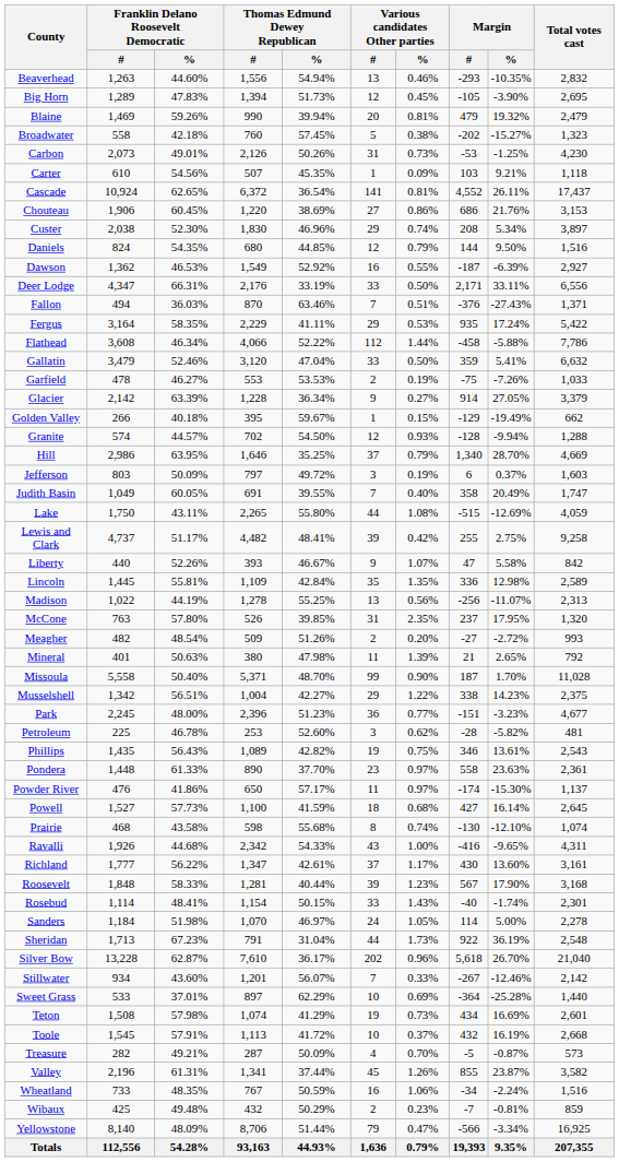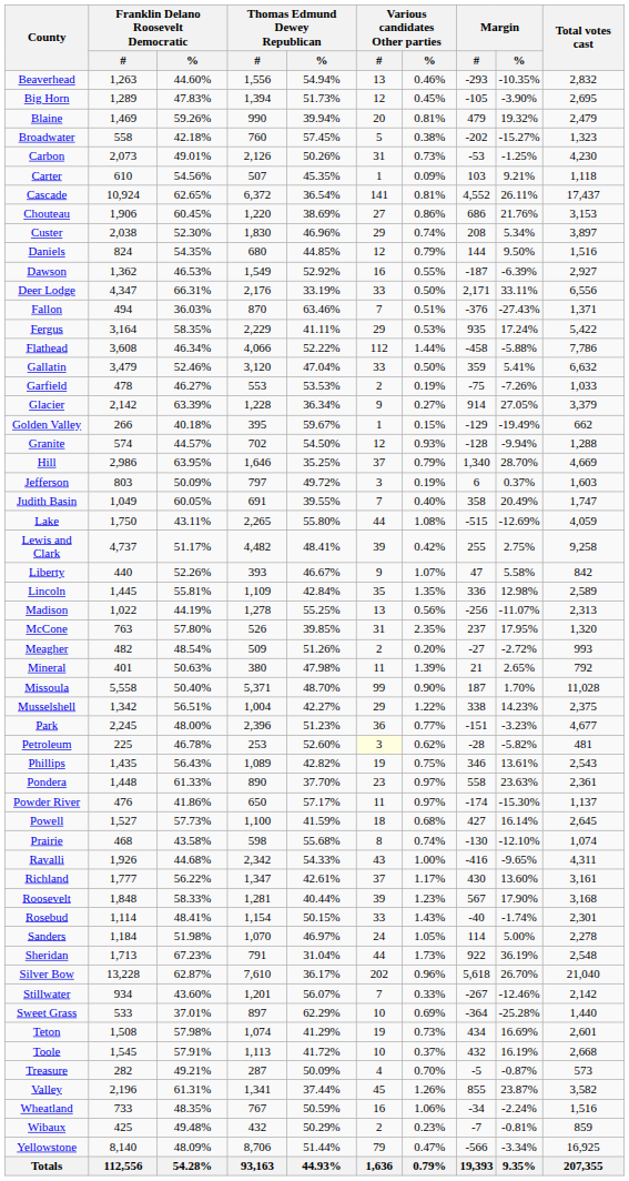 <table width="65%"  class="wikitable sortable" style="text-align:center">
 <tr>
 <th style="text-align:center;" rowspan="2">County</th>
 <th style="text-align:center;" colspan="2">Franklin Delano Roosevelt<br>Democratic</th>
 <th style="text-align:center;" colspan="2">Thomas Edmund Dewey <br>Republican</th>
 <th style="text-align:center;" colspan="2">Various candidates<br>Other parties</th>
 <th style="text-align:center;" colspan="2">Margin</th>
 <th style="text-align:center;" rowspan="2">Total votes cast</th>
 </tr>
 <tr>
 <th style="text-align:center;" data-sort-type="number">#</th>
 <th style="text-align:center;" data-sort-type="number">%</th>
 <th style="text-align:center;" data-sort-type="number">#</th>
 <th style="text-align:center;" data-sort-type="number">%</th>
 <th style="text-align:center;" data-sort-type="number">#</th>
 <th style="text-align:center;" data-sort-type="number">%</th>
 <th style="text-align:center;" data-sort-type="number">#</th>
 <th style="text-align:center;" data-sort-type="number">%</th>
 </tr>
 <tr style="text-align:center;">
 <td><a href='#'>Beaverhead</a></td>
 <td>1,263</td>
 <td>44.60%</td>
 <td>1,556</td>
 <td>54.94%</td>
 <td>13</td>
 <td>0.46%</td>
 <td>-293</td>
 <td>-10.35%</td>
 <td>2,832</td>
 </tr>
 <tr style="text-align:center;">
 <td><a href='#'>Big Horn</a></td>
 <td>1,289</td>
 <td>47.83%</td>
 <td>1,394</td>
 <td>51.73%</td>
 <td>12</td>
 <td>0.45%</td>
 <td>-105</td>
 <td>-3.90%</td>
 <td>2,695</td>
 </tr>
 <tr style="text-align:center;">
 <td><a href='#'>Blaine</a></td>
 <td>1,469</td>
 <td>59.26%</td>
 <td>990</td>
 <td>39.94%</td>
 <td>20</td>
 <td>0.81%</td>
 <td>479</td>
 <td>19.32%</td>
 <td>2,479</td>
 </tr>
 <tr style="text-align:center;">
 <td><a href='#'>Broadwater</a></td>
 <td>558</td>
 <td>42.18%</td>
 <td>760</td>
 <td>57.45%</td>
 <td>5</td>
 <td>0.38%</td>
 <td>-202</td>
 <td>-15.27%</td>
 <td>1,323</td>
 </tr>
 <tr style="text-align:center;">
 <td><a href='#'>Carbon</a></td>
 <td>2,073</td>
 <td>49.01%</td>
 <td>2,126</td>
 <td>50.26%</td>
 <td>31</td>
 <td>0.73%</td>
 <td>-53</td>
 <td>-1.25%</td>
 <td>4,230</td>
 </tr>
 <tr style="text-align:center;">
 <td><a href='#'>Carter</a></td>
 <td>610</td>
 <td>54.56%</td>
 <td>507</td>
 <td>45.35%</td>
 <td>1</td>
 <td>0.09%</td>
 <td>103</td>
 <td>9.21%</td>
 <td>1,118</td>
 </tr>
 <tr style="text-align:center;">
 <td><a href='#'>Cascade</a></td>
 <td>10,924</td>
 <td>62.65%</td>
 <td>6,372</td>
 <td>36.54%</td>
 <td>141</td>
 <td>0.81%</td>
 <td>4,552</td>
 <td>26.11%</td>
 <td>17,437</td>
 </tr>
 <tr style="text-align:center;">
 <td><a href='#'>Chouteau</a></td>
 <td>1,906</td>
 <td>60.45%</td>
 <td>1,220</td>
 <td>38.69%</td>
 <td>27</td>
 <td>0.86%</td>
 <td>686</td>
 <td>21.76%</td>
 <td>3,153</td>
 </tr>
 <tr style="text-align:center;">
 <td><a href='#'>Custer</a></td>
 <td>2,038</td>
 <td>52.30%</td>
 <td>1,830</td>
 <td>46.96%</td>
 <td>29</td>
 <td>0.74%</td>
 <td>208</td>
 <td>5.34%</td>
 <td>3,897</td>
 </tr>
 <tr style="text-align:center;">
 <td><a href='#'>Daniels</a></td>
 <td>824</td>
 <td>54.35%</td>
 <td>680</td>
 <td>44.85%</td>
 <td>12</td>
 <td>0.79%</td>
 <td>144</td>
 <td>9.50%</td>
 <td>1,516</td>
 </tr>
 <tr style="text-align:center;">
 <td><a href='#'>Dawson</a></td>
 <td>1,362</td>
 <td>46.53%</td>
 <td>1,549</td>
 <td>52.92%</td>
 <td>16</td>
 <td>0.55%</td>
 <td>-187</td>
 <td>-6.39%</td>
 <td>2,927</td>
 </tr>
 <tr style="text-align:center;">
 <td><a href='#'>Deer Lodge</a></td>
 <td>4,347</td>
 <td>66.31%</td>
 <td>2,176</td>
 <td>33.19%</td>
 <td>33</td>
 <td>0.50%</td>
 <td>2,171</td>
 <td>33.11%</td>
 <td>6,556</td>
 </tr>
 <tr style="text-align:center;">
 <td><a href='#'>Fallon</a></td>
 <td>494</td>
 <td>36.03%</td>
 <td>870</td>
 <td>63.46%</td>
 <td>7</td>
 <td>0.51%</td>
 <td>-376</td>
 <td>-27.43%</td>
 <td>1,371</td>
 </tr>
 <tr style="text-align:center;">
 <td><a href='#'>Fergus</a></td>
 <td>3,164</td>
 <td>58.35%</td>
 <td>2,229</td>
 <td>41.11%</td>
 <td>29</td>
 <td>0.53%</td>
 <td>935</td>
 <td>17.24%</td>
 <td>5,422</td>
 </tr>
 <tr style="text-align:center;">
 <td><a href='#'>Flathead</a></td>
 <td>3,608</td>
 <td>46.34%</td>
 <td>4,066</td>
 <td>52.22%</td>
 <td>112</td>
 <td>1.44%</td>
 <td>-458</td>
 <td>-5.88%</td>
 <td>7,786</td>
 </tr>
 <tr style="text-align:center;">
 <td><a href='#'>Gallatin</a></td>
 <td>3,479</td>
 <td>52.46%</td>
 <td>3,120</td>
 <td>47.04%</td>
 <td>33</td>
 <td>0.50%</td>
 <td>359</td>
 <td>5.41%</td>
 <td>6,632</td>
 </tr>
 <tr style="text-align:center;">
 <td><a href='#'>Garfield</a></td>
 <td>478</td>
 <td>46.27%</td>
 <td>553</td>
 <td>53.53%</td>
 <td>2</td>
 <td>0.19%</td>
 <td>-75</td>
 <td>-7.26%</td>
 <td>1,033</td>
 </tr>
 <tr style="text-align:center;">
 <td><a href='#'>Glacier</a></td>
 <td>2,142</td>
 <td>63.39%</td>
 <td>1,228</td>
 <td>36.34%</td>
 <td>9</td>
 <td>0.27%</td>
 <td>914</td>
 <td>27.05%</td>
 <td>3,379</td>
 </tr>
 <tr style="text-align:center;">
 <td><a href='#'>Golden Valley</a></td>
 <td>266</td>
 <td>40.18%</td>
 <td>395</td>
 <td>59.67%</td>
 <td>1</td>
 <td>0.15%</td>
 <td>-129</td>
 <td>-19.49%</td>
 <td>662</td>
 </tr>
 <tr style="text-align:center;">
 <td><a href='#'>Granite</a></td>
 <td>574</td>
 <td>44.57%</td>
 <td>702</td>
 <td>54.50%</td>
 <td>12</td>
 <td>0.93%</td>
 <td>-128</td>
 <td>-9.94%</td>
 <td>1,288</td>
 </tr>
 <tr style="text-align:center;">
 <td><a href='#'>Hill</a></td>
 <td>2,986</td>
 <td>63.95%</td>
 <td>1,646</td>
 <td>35.25%</td>
 <td>37</td>
 <td>0.79%</td>
 <td>1,340</td>
 <td>28.70%</td>
 <td>4,669</td>
 </tr>
 <tr style="text-align:center;">
 <td><a href='#'>Jefferson</a></td>
 <td>803</td>
 <td>50.09%</td>
 <td>797</td>
 <td>49.72%</td>
 <td>3</td>
 <td>0.19%</td>
 <td>6</td>
 <td>0.37%</td>
 <td>1,603</td>
 </tr>
 <tr style="text-align:center;">
 <td><a href='#'>Judith Basin</a></td>
 <td>1,049</td>
 <td>60.05%</td>
 <td>691</td>
 <td>39.55%</td>
 <td>7</td>
 <td>0.40%</td>
 <td>358</td>
 <td>20.49%</td>
 <td>1,747</td>
 </tr>
 <tr style="text-align:center;">
 <td><a href='#'>Lake</a></td>
 <td>1,750</td>
 <td>43.11%</td>
 <td>2,265</td>
 <td>55.80%</td>
 <td>44</td>
 <td>1.08%</td>
 <td>-515</td>
 <td>-12.69%</td>
 <td>4,059</td>
 </tr>
 <tr style="text-align:center;">
 <td><a href='#'>Lewis and Clark</a></td>
 <td>4,737</td>
 <td>51.17%</td>
 <td>4,482</td>
 <td>48.41%</td>
 <td>39</td>
 <td>0.42%</td>
 <td>255</td>
 <td>2.75%</td>
 <td>9,258</td>
 </tr>
 <tr style="text-align:center;">
 <td><a href='#'>Liberty</a></td>
 <td>440</td>
 <td>52.26%</td>
 <td>393</td>
 <td>46.67%</td>
 <td>9</td>
 <td>1.07%</td>
 <td>47</td>
 <td>5.58%</td>
 <td>842</td>
 </tr>
 <tr style="text-align:center;">
 <td><a href='#'>Lincoln</a></td>
 <td>1,445</td>
 <td>55.81%</td>
 <td>1,109</td>
 <td>42.84%</td>
 <td>35</td>
 <td>1.35%</td>
 <td>336</td>
 <td>12.98%</td>
 <td>2,589</td>
 </tr>
 <tr style="text-align:center;">
 <td><a href='#'>Madison</a></td>
 <td>1,022</td>
 <td>44.19%</td>
 <td>1,278</td>
 <td>55.25%</td>
 <td>13</td>
 <td>0.56%</td>
 <td>-256</td>
 <td>-11.07%</td>
 <td>2,313</td>
 </tr>
 <tr style="text-align:center;">
 <td><a href='#'>McCone</a></td>
 <td>763</td>
 <td>57.80%</td>
 <td>526</td>
 <td>39.85%</td>
 <td>31</td>
 <td>2.35%</td>
 <td>237</td>
 <td>17.95%</td>
 <td>1,320</td>
 </tr>
 <tr style="text-align:center;">
 <td><a href='#'>Meagher</a></td>
 <td>482</td>
 <td>48.54%</td>
 <td>509</td>
 <td>51.26%</td>
 <td>2</td>
 <td>0.20%</td>
 <td>-27</td>
 <td>-2.72%</td>
 <td>993</td>
 </tr>
 <tr style="text-align:center;">
 <td><a href='#'>Mineral</a></td>
 <td>401</td>
 <td>50.63%</td>
 <td>380</td>
 <td>47.98%</td>
 <td>11</td>
 <td>1.39%</td>
 <td>21</td>
 <td>2.65%</td>
 <td>792</td>
 </tr>
 <tr style="text-align:center;">
 <td><a href='#'>Missoula</a></td>
 <td>5,558</td>
 <td>50.40%</td>
 <td>5,371</td>
 <td>48.70%</td>
 <td>99</td>
 <td>0.90%</td>
 <td>187</td>
 <td>1.70%</td>
 <td>11,028</td>
 </tr>
 <tr style="text-align:center;">
 <td><a href='#'>Musselshell</a></td>
 <td>1,342</td>
 <td>56.51%</td>
 <td>1,004</td>
 <td>42.27%</td>
 <td>29</td>
 <td>1.22%</td>
 <td>338</td>
 <td>14.23%</td>
 <td>2,375</td>
 </tr>
 <tr style="text-align:center;">
 <td><a href='#'>Park</a></td>
 <td>2,245</td>
 <td>48.00%</td>
 <td>2,396</td>
 <td>51.23%</td>
 <td>36</td>
 <td>0.77%</td>
 <td>-151</td>
 <td>-3.23%</td>
 <td>4,677</td>
 </tr>
 <tr style="text-align:center;">
 <td><a href='#'>Petroleum</a></td>
 <td>225</td>
 <td>46.78%</td>
 <td>253</td>
 <td>52.60%</td>
-<td>3</td>
+<td style="background: lightyellow;">3</td>
 <td>0.62%</td>
 <td>-28</td>
 <td>-5.82%</td>
 <td>481</td>
 </tr>
 <tr style="text-align:center;">
 <td><a href='#'>Phillips</a></td>
 <td>1,435</td>
 <td>56.43%</td>
 <td>1,089</td>
 <td>42.82%</td>
 <td>19</td>
 <td>0.75%</td>
 <td>346</td>
 <td>13.61%</td>
 <td>2,543</td>
 </tr>
 <tr style="text-align:center;">
 <td><a href='#'>Pondera</a></td>
 <td>1,448</td>
 <td>61.33%</td>
 <td>890</td>
 <td>37.70%</td>
 <td>23</td>
 <td>0.97%</td>
 <td>558</td>
 <td>23.63%</td>
 <td>2,361</td>
 </tr>
 <tr style="text-align:center;">
 <td><a href='#'>Powder River</a></td>
 <td>476</td>
 <td>41.86%</td>
 <td>650</td>
 <td>57.17%</td>
 <td>11</td>
 <td>0.97%</td>
 <td>-174</td>
 <td>-15.30%</td>
 <td>1,137</td>
 </tr>
 <tr style="text-align:center;">
 <td><a href='#'>Powell</a></td>
 <td>1,527</td>
 <td>57.73%</td>
 <td>1,100</td>
 <td>41.59%</td>
 <td>18</td>
 <td>0.68%</td>
 <td>427</td>
 <td>16.14%</td>
 <td>2,645</td>
 </tr>
 <tr style="text-align:center;">
 <td><a href='#'>Prairie</a></td>
 <td>468</td>
 <td>43.58%</td>
 <td>598</td>
 <td>55.68%</td>
 <td>8</td>
 <td>0.74%</td>
 <td>-130</td>
 <td>-12.10%</td>
 <td>1,074</td>
 </tr>
 <tr style="text-align:center;">
 <td><a href='#'>Ravalli</a></td>
 <td>1,926</td>
 <td>44.68%</td>
 <td>2,342</td>
 <td>54.33%</td>
 <td>43</td>
 <td>1.00%</td>
 <td>-416</td>
 <td>-9.65%</td>
 <td>4,311</td>
 </tr>
 <tr style="text-align:center;">
 <td><a href='#'>Richland</a></td>
 <td>1,777</td>
 <td>56.22%</td>
 <td>1,347</td>
 <td>42.61%</td>
 <td>37</td>
 <td>1.17%</td>
 <td>430</td>
 <td>13.60%</td>
 <td>3,161</td>
 </tr>
 <tr style="text-align:center;">
 <td><a href='#'>Roosevelt</a></td>
 <td>1,848</td>
 <td>58.33%</td>
 <td>1,281</td>
 <td>40.44%</td>
 <td>39</td>
 <td>1.23%</td>
 <td>567</td>
 <td>17.90%</td>
 <td>3,168</td>
 </tr>
 <tr style="text-align:center;">
 <td><a href='#'>Rosebud</a></td>
 <td>1,114</td>
 <td>48.41%</td>
 <td>1,154</td>
 <td>50.15%</td>
 <td>33</td>
 <td>1.43%</td>
 <td>-40</td>
 <td>-1.74%</td>
 <td>2,301</td>
 </tr>
 <tr style="text-align:center;">
 <td><a href='#'>Sanders</a></td>
 <td>1,184</td>
 <td>51.98%</td>
 <td>1,070</td>
 <td>46.97%</td>
 <td>24</td>
 <td>1.05%</td>
 <td>114</td>
 <td>5.00%</td>
 <td>2,278</td>
 </tr>
 <tr style="text-align:center;">
 <td><a href='#'>Sheridan</a></td>
 <td>1,713</td>
 <td>67.23%</td>
 <td>791</td>
 <td>31.04%</td>
 <td>44</td>
 <td>1.73%</td>
 <td>922</td>
 <td>36.19%</td>
 <td>2,548</td>
 </tr>
 <tr style="text-align:center;">
 <td><a href='#'>Silver Bow</a></td>
 <td>13,228</td>
 <td>62.87%</td>
 <td>7,610</td>
 <td>36.17%</td>
 <td>202</td>
 <td>0.96%</td>
 <td>5,618</td>
 <td>26.70%</td>
 <td>21,040</td>
 </tr>
 <tr style="text-align:center;">
 <td><a href='#'>Stillwater</a></td>
 <td>934</td>
 <td>43.60%</td>
 <td>1,201</td>
 <td>56.07%</td>
 <td>7</td>
 <td>0.33%</td>
 <td>-267</td>
 <td>-12.46%</td>
 <td>2,142</td>
 </tr>
 <tr style="text-align:center;">
 <td><a href='#'>Sweet Grass</a></td>
 <td>533</td>
 <td>37.01%</td>
 <td>897</td>
 <td>62.29%</td>
 <td>10</td>
 <td>0.69%</td>
 <td>-364</td>
 <td>-25.28%</td>
 <td>1,440</td>
 </tr>
 <tr style="text-align:center;">
 <td><a href='#'>Teton</a></td>
 <td>1,508</td>
 <td>57.98%</td>
 <td>1,074</td>
 <td>41.29%</td>
 <td>19</td>
 <td>0.73%</td>
 <td>434</td>
 <td>16.69%</td>
 <td>2,601</td>
 </tr>
 <tr style="text-align:center;">
 <td><a href='#'>Toole</a></td>
 <td>1,545</td>
 <td>57.91%</td>
 <td>1,113</td>
 <td>41.72%</td>
 <td>10</td>
 <td>0.37%</td>
 <td>432</td>
 <td>16.19%</td>
 <td>2,668</td>
 </tr>
 <tr style="text-align:center;">
 <td><a href='#'>Treasure</a></td>
 <td>282</td>
 <td>49.21%</td>
 <td>287</td>
 <td>50.09%</td>
 <td>4</td>
 <td>0.70%</td>
 <td>-5</td>
 <td>-0.87%</td>
 <td>573</td>
 </tr>
 <tr style="text-align:center;">
 <td><a href='#'>Valley</a></td>
 <td>2,196</td>
 <td>61.31%</td>
 <td>1,341</td>
 <td>37.44%</td>
 <td>45</td>
 <td>1.26%</td>
 <td>855</td>
 <td>23.87%</td>
 <td>3,582</td>
 </tr>
 <tr style="text-align:center;">
 <td><a href='#'>Wheatland</a></td>
 <td>733</td>
 <td>48.35%</td>
 <td>767</td>
 <td>50.59%</td>
 <td>16</td>
 <td>1.06%</td>
 <td>-34</td>
 <td>-2.24%</td>
 <td>1,516</td>
 </tr>
 <tr style="text-align:center;">
 <td><a href='#'>Wibaux</a></td>
 <td>425</td>
 <td>49.48%</td>
 <td>432</td>
 <td>50.29%</td>
 <td>2</td>
 <td>0.23%</td>
 <td>-7</td>
 <td>-0.81%</td>
 <td>859</td>
 </tr>
 <tr style="text-align:center;">
 <td><a href='#'>Yellowstone</a></td>
 <td>8,140</td>
 <td>48.09%</td>
 <td>8,706</td>
 <td>51.44%</td>
 <td>79</td>
 <td>0.47%</td>
 <td>-566</td>
 <td>-3.34%</td>
 <td>16,925</td>
 </tr>
 <tr style="text-align:center;">
 <th>Totals</th>
 <th>112,556</th>
 <th>54.28%</th>
 <th>93,163</th>
 <th>44.93%</th>
 <th>1,636</th>
 <th>0.79%</th>
 <th>19,393</th>
 <th>9.35%</th>
 <th>207,355</th>
 </tr>
 </table>
